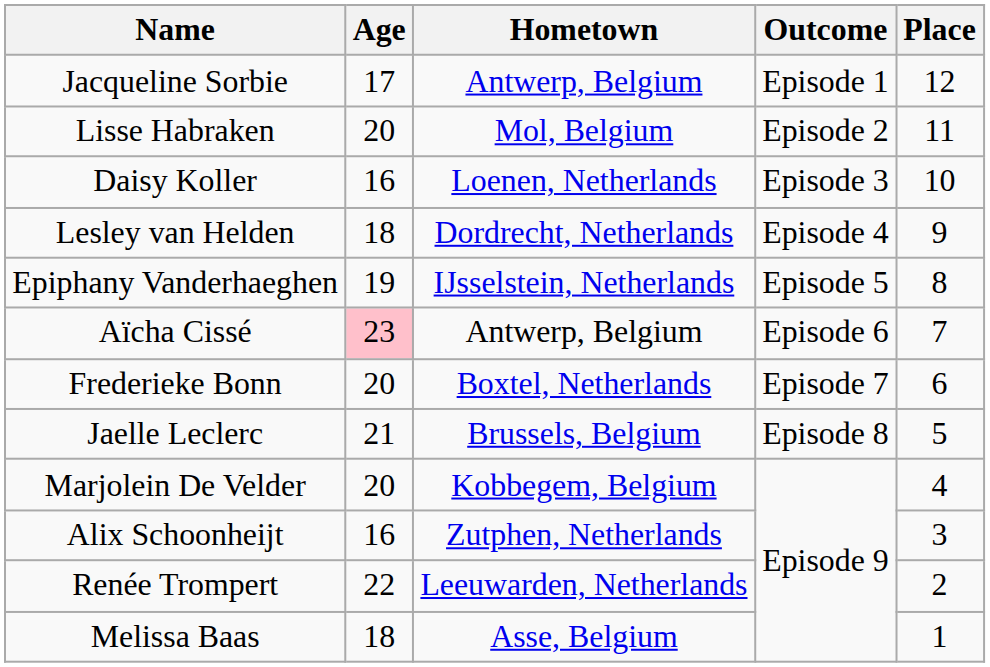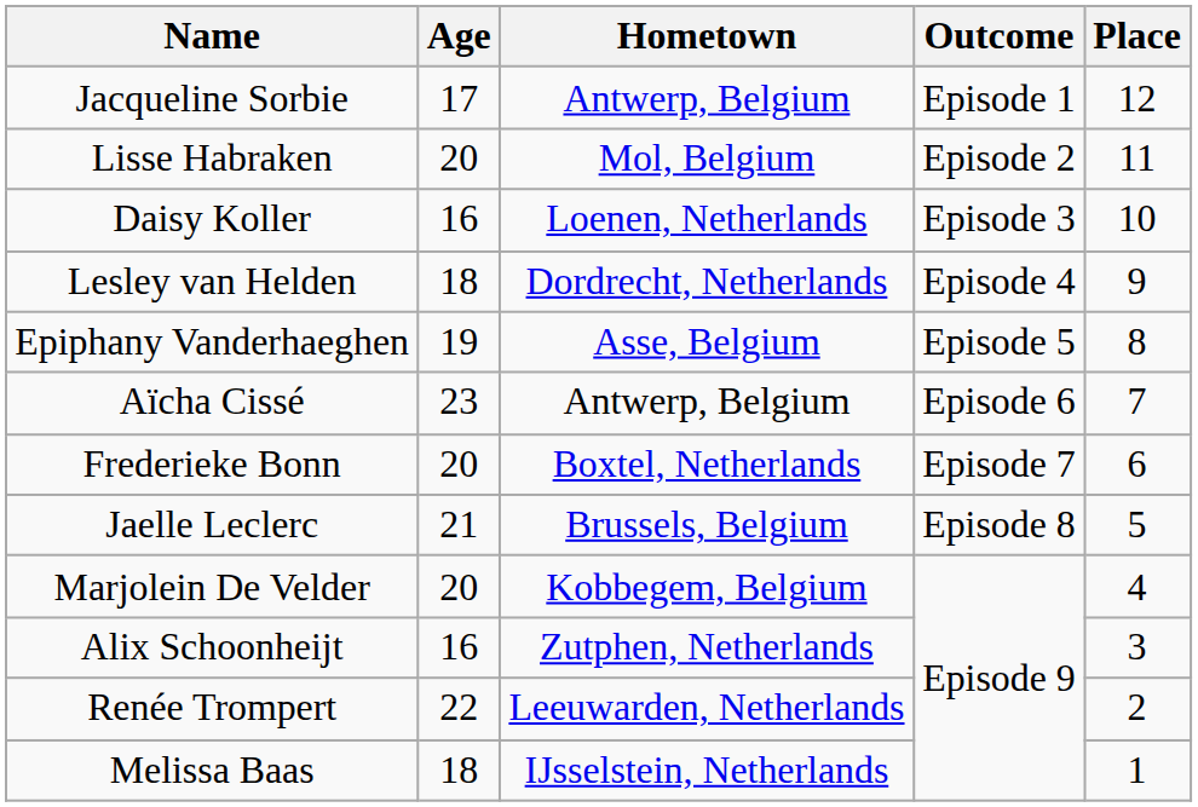 <table class="wikitable sortable" style="text-align:center;">
 <tr>
 <th>Name</th>
 <th>Age</th>
 <th>Hometown</th>
 <th>Outcome</th>
 <th>Place</th>
 </tr>
 <tr>
 <td>Jacqueline Sorbie</td>
 <td>17</td>
 <td><a href='#'>Antwerp, Belgium</a></td>
 <td>Episode 1</td>
 <td>12</td>
 </tr>
 <tr>
 <td>Lisse Habraken</td>
 <td>20</td>
 <td><a href='#'>Mol, Belgium</a></td>
 <td>Episode 2</td>
 <td>11</td>
 </tr>
 <tr>
 <td>Daisy Koller</td>
 <td>16</td>
 <td><a href='#'>Loenen, Netherlands</a></td>
 <td>Episode 3</td>
 <td>10</td>
 </tr>
 <tr>
 <td>Lesley van Helden</td>
 <td>18</td>
 <td><a href='#'>Dordrecht, Netherlands</a></td>
 <td>Episode 4</td>
 <td>9</td>
 </tr>
 <tr>
 <td>Epiphany Vanderhaeghen</td>
 <td>19</td>
-<td><a href='#'>IJsselstein, Netherlands</a></td>
+<td><a href='#'>Asse, Belgium</a></td>
 <td>Episode 5</td>
 <td>8</td>
 </tr>
 <tr>
 <td>Aïcha Cissé</td>
-<td style="background: pink;">23</td>
+<td>23</td>
 <td>Antwerp, Belgium</td>
 <td>Episode 6</td>
 <td>7</td>
 </tr>
 <tr>
 <td>Frederieke Bonn</td>
 <td>20</td>
 <td><a href='#'>Boxtel, Netherlands</a></td>
 <td>Episode 7</td>
 <td>6</td>
 </tr>
 <tr>
 <td>Jaelle Leclerc</td>
 <td>21</td>
 <td><a href='#'>Brussels, Belgium</a></td>
 <td>Episode 8</td>
 <td>5</td>
 </tr>
 <tr>
 <td>Marjolein De Velder</td>
 <td>20</td>
 <td><a href='#'>Kobbegem, Belgium</a></td>
 <td rowspan="4">Episode 9</td>
 <td>4</td>
 </tr>
 <tr>
 <td>Alix Schoonheijt</td>
 <td>16</td>
 <td><a href='#'>Zutphen, Netherlands</a></td>
 <td>3</td>
 </tr>
 <tr>
 <td>Renée Trompert</td>
 <td>22</td>
 <td><a href='#'>Leeuwarden, Netherlands</a></td>
 <td>2</td>
 </tr>
 <tr>
 <td>Melissa Baas</td>
 <td>18</td>
-<td><a href='#'>Asse, Belgium</a></td>
+<td><a href='#'>IJsselstein, Netherlands</a></td>
 <td>1</td>
 </tr>
 </table>
